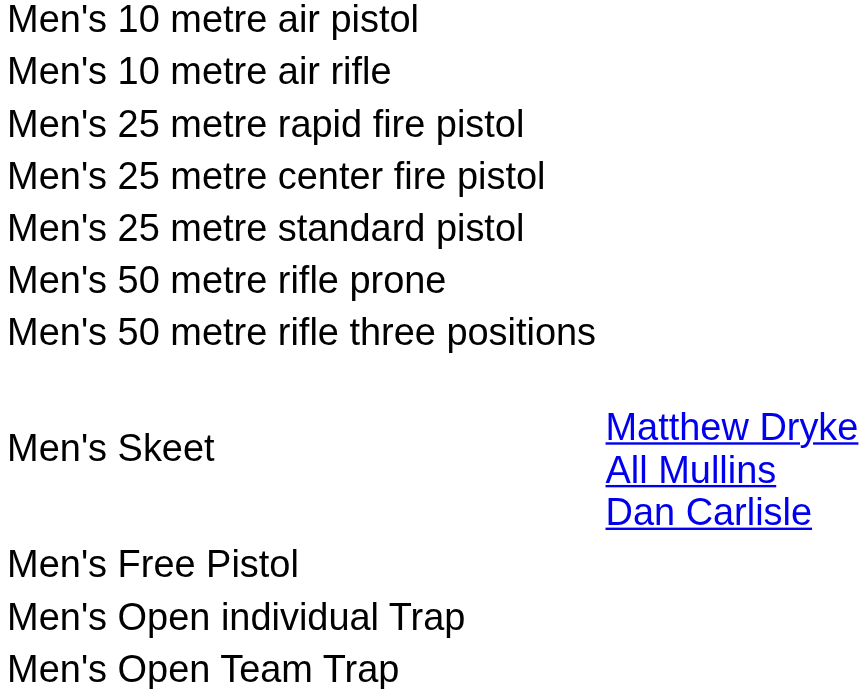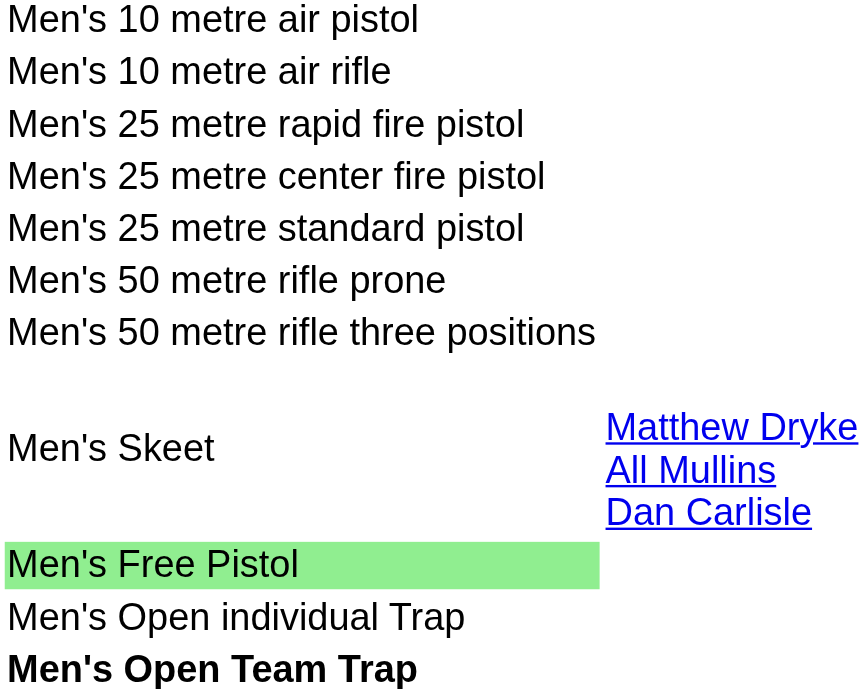 <table>
 <tr>
 <td>Men's 10 metre air pistol <br></td>
 <td></td>
 <td></td>
 <td></td>
 </tr>
 <tr>
 <td>Men's 10 metre air rifle <br></td>
 <td></td>
 <td></td>
 <td></td>
 </tr>
 <tr>
 <td>Men's 25 metre rapid fire pistol <br></td>
 <td></td>
 <td></td>
 <td></td>
 </tr>
 <tr>
 <td>Men's 25 metre center fire pistol <br></td>
 <td></td>
 <td></td>
 <td></td>
 </tr>
 <tr>
 <td>Men's 25 metre standard pistol <br></td>
 <td></td>
 <td></td>
 <td></td>
 </tr>
 <tr>
 <td>Men's 50 metre rifle prone <br></td>
 <td></td>
 <td></td>
 <td></td>
 </tr>
 <tr>
 <td>Men's 50 metre rifle three positions <br></td>
 <td></td>
 <td></td>
 <td></td>
 </tr>
 <tr>
 <td>Men's Skeet <br></td>
 <td><br><a href='#'>Matthew Dryke</a><br> <a href='#'>All Mullins</a><br> <a href='#'>Dan Carlisle</a></td>
 <td></td>
 <td></td>
 </tr>
 <tr>
-<td>Men's Free Pistol<br></td>
+<td style="background: lightgreen;">Men's Free Pistol<br></td>
 <td></td>
 <td></td>
 <td></td>
 </tr>
 <tr>
 <td>Men's Open individual Trap <br></td>
 <td></td>
 <td></td>
 <td></td>
 </tr>
 <tr>
-<td>Men's Open Team Trap<br></td>
+<td><strong>Men's Open Team Trap<br></strong></td>
 <td></td>
 <td></td>
 <td></td>
 </tr>
 </table>
